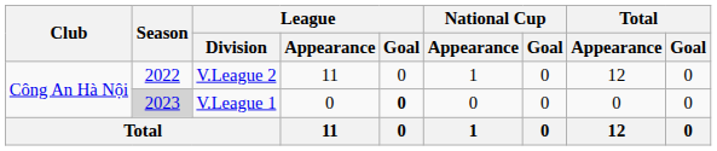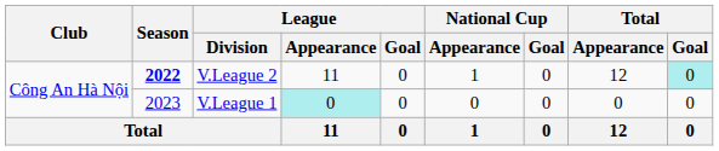 <table class="wikitable" style="text-align: center;">
 <tr>
 <th rowspan="2">Club</th>
 <th rowspan="2">Season</th>
 <th colspan="3">League</th>
 <th colspan="2">National Cup</th>
 <th colspan="2">Total</th>
 </tr>
 <tr>
 <th>Division</th>
 <th>Appearance</th>
 <th>Goal</th>
 <th>Appearance</th>
 <th>Goal</th>
 <th>Appearance</th>
 <th>Goal</th>
 </tr>
 <tr>
 <td rowspan="2"><a href='#'>Công An Hà Nội</a></td>
-<td><a href='#'>2022</a></td>
+<td><strong><a href='#'>2022</a></strong></td>
 <td><a href='#'>V.League 2</a></td>
 <td>11</td>
 <td>0</td>
 <td>1</td>
 <td>0</td>
 <td>12</td>
-<td>0</td>
+<td style="background: paleturquoise;">0</td>
 </tr>
 <tr>
-<td style="background: lightgrey;"><a href='#'>2023</a></td>
+<td><a href='#'>2023</a></td>
 <td><a href='#'>V.League 1</a></td>
+<td style="background: paleturquoise;">0</td>
 <td>0</td>
-<td><strong>0</strong></td>
 <td>0</td>
 <td>0</td>
 <td>0</td>
 <td>0</td>
 </tr>
 <tr>
 <th colspan="3">Total</th>
 <th>11</th>
 <th>0</th>
 <th>1</th>
 <th>0</th>
 <th>12</th>
 <th>0</th>
 </tr>
 </table>
